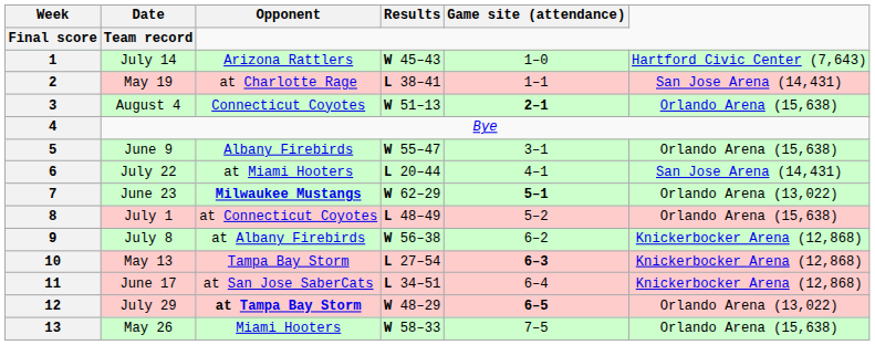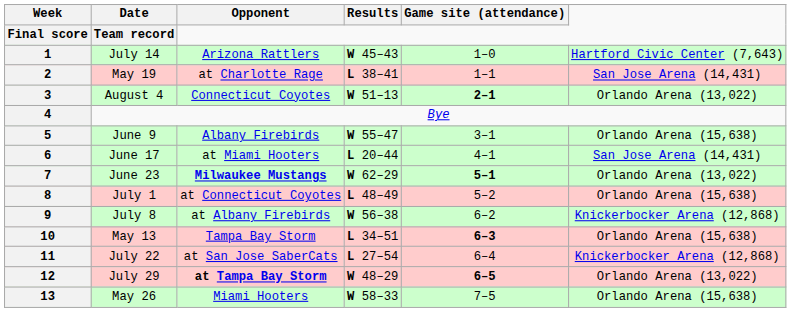 <table class="wikitable" style="font-size: 92%;" "align=center">
 <tr>
 <th>Week</th>
 <th>Date</th>
 <th>Opponent</th>
 <th>Results</th>
 <th>Game site (attendance)</th>
 </tr>
 <tr>
 <th>Final score</th>
 <th>Team record</th>
 </tr>
 <tr style="background:#cfc">
 <th>1</th>
 <td style="text-align:center;">July 14</td>
 <td style="text-align:center;"><a href='#'>Arizona Rattlers</a></td>
 <td style="text-align:center;"><strong>W</strong> 45–43</td>
 <td style="text-align:center;">1–0</td>
 <td style="text-align:center;"><a href='#'>Hartford Civic Center</a> (7,643)</td>
 </tr>
 <tr style="background:#fcc">
 <th>2</th>
 <td style="text-align:center;">May 19</td>
 <td style="text-align:center;">at <a href='#'>Charlotte Rage</a></td>
 <td style="text-align:center;"><strong>L</strong> 38–41</td>
 <td style="text-align:center;">1–1</td>
 <td style="text-align:center;"><a href='#'>San Jose Arena</a> (14,431)</td>
 </tr>
 <tr style="background:#cfc">
 <th>3</th>
 <td style="text-align:center;">August 4</td>
 <td style="text-align:center;"><a href='#'>Connecticut Coyotes</a></td>
 <td style="text-align:center;"><strong>W</strong> 51–13</td>
 <td style="text-align:center;"><strong>2–1</strong></td>
-<td style="text-align:center;"><a href='#'>Orlando Arena</a> (15,638)</td>
+<td style="text-align:center;">Orlando Arena (13,022)</td>
 </tr>
 <tr style=>
 <th>4</th>
 <td colspan="8" style="text-align:center;"><em><a href='#'>Bye</a></em></td>
 </tr>
 <tr style="background:#cfc">
 <th>5</th>
 <td style="text-align:center;">June 9</td>
 <td style="text-align:center;"><a href='#'>Albany Firebirds</a></td>
 <td style="text-align:center;"><strong>W</strong> 55–47</td>
 <td style="text-align:center;">3–1</td>
 <td style="text-align:center;">Orlando Arena (15,638)</td>
 </tr>
 <tr style="background:#cfc">
 <th>6</th>
-<td style="text-align:center;">July 22</td>
+<td style="text-align:center;">June 17</td>
 <td style="text-align:center;">at <a href='#'>Miami Hooters</a></td>
 <td style="text-align:center;"><strong>L</strong> 20–44</td>
 <td style="text-align:center;">4–1</td>
 <td style="text-align:center;"><a href='#'>San Jose Arena</a> (14,431)</td>
 </tr>
 <tr style="background:#cfc">
 <th>7</th>
 <td style="text-align:center;">June 23</td>
 <td style="text-align:center;"><strong><a href='#'>Milwaukee Mustangs</a></strong></td>
 <td style="text-align:center;"><strong>W</strong> 62–29</td>
 <td style="text-align:center;"><strong>5–1</strong></td>
 <td style="text-align:center;">Orlando Arena (13,022)</td>
 </tr>
 <tr style="background:#fcc">
 <th>8</th>
 <td style="text-align:center;">July 1</td>
 <td style="text-align:center;">at <a href='#'>Connecticut Coyotes</a></td>
 <td style="text-align:center;"><strong>L</strong> 48–49</td>
 <td style="text-align:center;">5–2</td>
 <td style="text-align:center;">Orlando Arena (15,638)</td>
 </tr>
 <tr style="background:#cfc">
 <th>9</th>
 <td style="text-align:center;">July 8</td>
 <td style="text-align:center;">at <a href='#'>Albany Firebirds</a></td>
 <td style="text-align:center;"><strong>W</strong> 56–38</td>
 <td style="text-align:center;">6–2</td>
 <td style="text-align:center;"><a href='#'>Knickerbocker Arena</a> (12,868)</td>
 </tr>
 <tr style="background:#fcc">
 <th>10</th>
 <td style="text-align:center;">May 13</td>
 <td style="text-align:center;"><a href='#'>Tampa Bay Storm</a></td>
-<td style="text-align:center;"><strong>L</strong> 27–54</td>
+<td style="text-align:center;"><strong>L</strong> 34–51</td>
 <td style="text-align:center;"><strong>6–3</strong></td>
-<td style="text-align:center;"><a href='#'>Knickerbocker Arena</a> (12,868)</td>
+<td style="text-align:center;">Orlando Arena (15,638)</td>
 </tr>
 <tr style="background:#fcc">
 <th>11</th>
-<td style="text-align:center;">June 17</td>
+<td style="text-align:center;">July 22</td>
 <td style="text-align:center;">at <a href='#'>San Jose SaberCats</a></td>
-<td style="text-align:center;"><strong>L</strong> 34–51</td>
+<td style="text-align:center;"><strong>L</strong> 27–54</td>
 <td style="text-align:center;">6–4</td>
 <td style="text-align:center;"><a href='#'>Knickerbocker Arena</a> (12,868)</td>
 </tr>
 <tr style="background:#fcc">
 <th>12</th>
 <td style="text-align:center;">July 29</td>
 <td style="text-align:center;"><strong>at <a href='#'>Tampa Bay Storm</a></strong></td>
 <td style="text-align:center;"><strong>W</strong> 48–29</td>
 <td style="text-align:center;"><strong>6–5</strong></td>
 <td style="text-align:center;">Orlando Arena (13,022)</td>
 </tr>
 <tr style="background:#cfc">
 <th>13</th>
 <td style="text-align:center;">May 26</td>
 <td style="text-align:center;"><a href='#'>Miami Hooters</a></td>
 <td style="text-align:center;"><strong>W</strong> 58–33</td>
 <td style="text-align:center;">7–5</td>
 <td style="text-align:center;">Orlando Arena (15,638)</td>
 </tr>
 </table>
